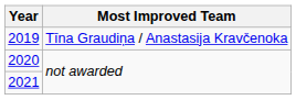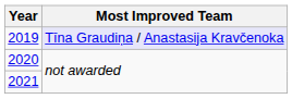 <table class="wikitable sortable" style="display:inline-table;">
 <tr>
 <th>Year</th>
 <th>Most Improved Team</th>
 </tr>
 <tr>
 <td><a href='#'>2019</a></td>
-<td> <a href='#'>Tīna Graudiņa</a> / <a href='#'>Anastasija Kravčenoka</a></td>
+<td style="background: lavender;"> <a href='#'>Tīna Graudiņa</a> / <a href='#'>Anastasija Kravčenoka</a></td>
 </tr>
 <tr>
 <td><a href='#'>2020</a></td>
 <td rowspan=2><em>not awarded</em></td>
 </tr>
 <tr>
 <td><a href='#'>2021</a></td>
 </tr>
 </table>
